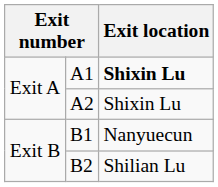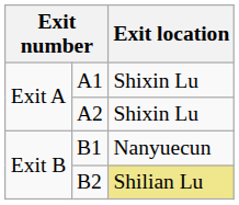 <table class="wikitable">
 <tr>
 <th style="width:70px" colspan="2">Exit number</th>
 <th>Exit location</th>
 </tr>
 <tr>
 <td align="center" rowspan="2">Exit A</td>
 <td>A1</td>
-<td><strong>Shixin Lu</strong></td>
+<td>Shixin Lu</td>
 </tr>
 <tr>
 <td>A2</td>
 <td>Shixin Lu</td>
 </tr>
 <tr>
 <td align="center" rowspan="2">Exit B</td>
 <td>B1</td>
 <td>Nanyuecun</td>
 </tr>
 <tr>
 <td>B2</td>
-<td>Shilian Lu</td>
+<td style="background: khaki;">Shilian Lu</td>
 </tr>
 </table>
